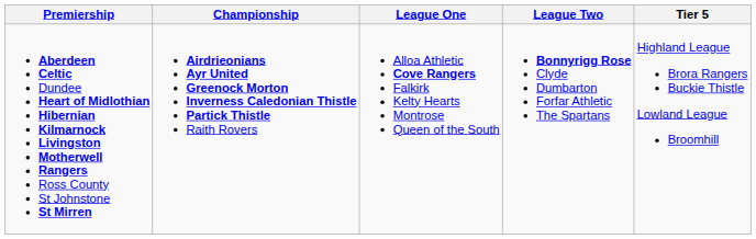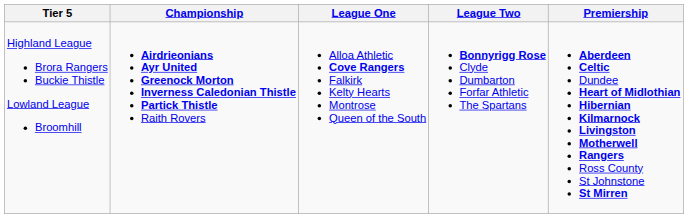 <table class="wikitable" style="text-align:left">
 <tr>
-<th><a href='#'>Premiership</a></th>
+<th>Tier 5</th>
 <th><a href='#'>Championship</a></th>
 <th><a href='#'>League One</a></th>
 <th><a href='#'>League Two</a></th>
-<th>Tier 5</th>
+<th><a href='#'>Premiership</a></th>
 </tr>
 <tr>
-<td valign="top"><br><ul><li><strong><a href='#'>Aberdeen</a></strong></li><li><strong><a href='#'>Celtic</a></strong></li><li><a href='#'>Dundee</a></li><li><strong><a href='#'>Heart of Midlothian</a></strong></li><li><strong><a href='#'>Hibernian</a></strong></li><li><strong><a href='#'>Kilmarnock</a></strong></li><li><strong><a href='#'>Livingston</a></strong></li><li><strong><a href='#'>Motherwell</a></strong></li><li><strong><a href='#'>Rangers</a></strong></li><li><a href='#'>Ross County</a></li><li><a href='#'>St Johnstone</a></li><li><strong><a href='#'>St Mirren</a></strong></li></ul></td>
+<td valign=top><br><a href='#'>Highland League</a><ul><li><a href='#'>Brora Rangers</a></li><li><a href='#'>Buckie Thistle</a></li></ul><a href='#'>Lowland League</a><ul><li><a href='#'>Broomhill</a></li></ul></td>
 <td valign="top"><br><ul><li><strong><a href='#'>Airdrieonians</a></strong></li><li><strong><a href='#'>Ayr United</a></strong></li><li><strong><a href='#'>Greenock Morton</a></strong></li><li><strong><a href='#'>Inverness Caledonian Thistle</a></strong></li><li><strong><a href='#'>Partick Thistle</a></strong></li><li><a href='#'>Raith Rovers</a></li></ul></td>
 <td valign=top><br><ul><li><a href='#'>Alloa Athletic</a></li><li><strong><a href='#'>Cove Rangers</a></strong></li><li><a href='#'>Falkirk</a></li><li><a href='#'>Kelty Hearts</a></li><li><a href='#'>Montrose</a></li><li><a href='#'>Queen of the South</a></li></ul></td>
 <td valign=top><br><ul><li><strong><a href='#'>Bonnyrigg Rose</a></strong></li><li><a href='#'>Clyde</a></li><li><a href='#'>Dumbarton</a></li><li><a href='#'>Forfar Athletic</a></li><li><a href='#'>The Spartans</a></li></ul></td>
-<td valign=top><br><a href='#'>Highland League</a><ul><li><a href='#'>Brora Rangers</a></li><li><a href='#'>Buckie Thistle</a></li></ul><a href='#'>Lowland League</a><ul><li><a href='#'>Broomhill</a></li></ul></td>
+<td valign="top"><br><ul><li><strong><a href='#'>Aberdeen</a></strong></li><li><strong><a href='#'>Celtic</a></strong></li><li><a href='#'>Dundee</a></li><li><strong><a href='#'>Heart of Midlothian</a></strong></li><li><strong><a href='#'>Hibernian</a></strong></li><li><strong><a href='#'>Kilmarnock</a></strong></li><li><strong><a href='#'>Livingston</a></strong></li><li><strong><a href='#'>Motherwell</a></strong></li><li><strong><a href='#'>Rangers</a></strong></li><li><a href='#'>Ross County</a></li><li><a href='#'>St Johnstone</a></li><li><strong><a href='#'>St Mirren</a></strong></li></ul></td>
 </tr>
 </table>
